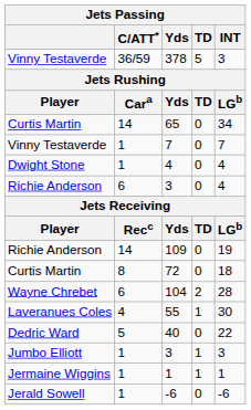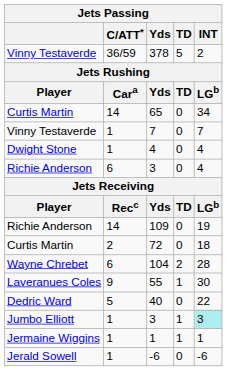 <table class="wikitable">
 <tr>
 <th colspan="5">Jets Passing</th>
 </tr>
 <tr>
 <th></th>
 <th>C/ATT<sup>*</sup></th>
 <th>Yds</th>
 <th>TD</th>
 <th>INT</th>
 </tr>
 <tr>
 <td><a href='#'>Vinny Testaverde</a></td>
 <td>36/59</td>
 <td>378</td>
 <td>5</td>
-<td>3</td>
+<td>2</td>
 </tr>
 <tr>
 <th colspan="5">Jets Rushing</th>
 </tr>
 <tr>
 <th>Player</th>
 <th>Car<sup>a</sup></th>
 <th>Yds</th>
 <th>TD</th>
 <th>LG<sup>b</sup></th>
 </tr>
 <tr>
 <td><a href='#'>Curtis Martin</a></td>
 <td>14</td>
 <td>65</td>
 <td>0</td>
 <td>34</td>
 </tr>
 <tr>
 <td>Vinny Testaverde</td>
 <td>1</td>
 <td>7</td>
 <td>0</td>
 <td>7</td>
 </tr>
 <tr>
 <td><a href='#'>Dwight Stone</a></td>
 <td>1</td>
 <td>4</td>
 <td>0</td>
 <td>4</td>
 </tr>
 <tr>
 <td><a href='#'>Richie Anderson</a></td>
 <td>6</td>
 <td>3</td>
 <td>0</td>
 <td>4</td>
 </tr>
 <tr>
 <th colspan="5">Jets Receiving</th>
 </tr>
 <tr>
 <th>Player</th>
 <th>Rec<sup>c</sup></th>
 <th>Yds</th>
 <th>TD</th>
 <th>LG<sup>b</sup></th>
 </tr>
 <tr>
 <td>Richie Anderson</td>
 <td>14</td>
 <td>109</td>
 <td>0</td>
 <td>19</td>
 </tr>
 <tr>
 <td>Curtis Martin</td>
-<td>8</td>
+<td>2</td>
 <td>72</td>
 <td>0</td>
 <td>18</td>
 </tr>
 <tr>
 <td><a href='#'>Wayne Chrebet</a></td>
 <td>6</td>
 <td>104</td>
 <td>2</td>
 <td>28</td>
 </tr>
 <tr>
 <td><a href='#'>Laveranues Coles</a></td>
-<td>4</td>
+<td>9</td>
 <td>55</td>
 <td>1</td>
 <td>30</td>
 </tr>
 <tr>
 <td><a href='#'>Dedric Ward</a></td>
 <td>5</td>
 <td>40</td>
 <td>0</td>
 <td>22</td>
 </tr>
 <tr>
 <td><a href='#'>Jumbo Elliott</a></td>
 <td>1</td>
 <td>3</td>
 <td>1</td>
-<td>3</td>
+<td style="background: paleturquoise;">3</td>
 </tr>
 <tr>
 <td><a href='#'>Jermaine Wiggins</a></td>
 <td>1</td>
 <td>1</td>
 <td>1</td>
 <td>1</td>
 </tr>
 <tr>
 <td><a href='#'>Jerald Sowell</a></td>
 <td>1</td>
 <td>-6</td>
 <td>0</td>
 <td>-6</td>
 </tr>
 </table>
